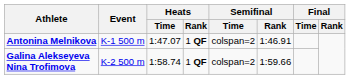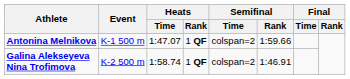 <table class="wikitable" style="text-align:center;font-size:90%">
 <tr>
 <th rowspan=2>Athlete</th>
 <th rowspan=2>Event</th>
 <th colspan=2>Heats</th>
 <th colspan=2>Semifinal</th>
 <th colspan=2>Final</th>
 </tr>
 <tr style="font-size:95%">
 <th>Time</th>
 <th>Rank</th>
 <th>Time</th>
 <th>Rank</th>
 <th>Time</th>
 <th>Rank</th>
 </tr>
 <tr>
 <td align=left><strong><a href='#'>Antonina Melnikova</a></strong></td>
 <td align=left><a href='#'>K-1 500 m</a></td>
 <td>1:47.07</td>
 <td>1 <strong>QF</strong></td>
 <td>colspan=2 </td>
-<td>1:46.91</td>
+<td>1:59.66</td>
 <td></td>
 </tr>
 <tr>
 <td align=left><strong><a href='#'>Galina Alekseyeva</a><br><a href='#'>Nina Trofimova</a></strong></td>
 <td align=left><a href='#'>K-2 500 m</a></td>
 <td>1:58.74</td>
 <td>1 <strong>QF</strong></td>
 <td>colspan=2 </td>
-<td>1:59.66</td>
+<td>1:46.91</td>
 <td></td>
 </tr>
 </table>
